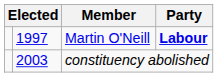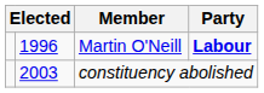 <table class="wikitable">
 <tr>
 <th colspan="2">Elected</th>
 <th>Member</th>
 <th>Party</th>
 </tr>
 <tr>
 <td style="color:inherit;background-color: "></td>
-<td><a href='#'>1997</a></td>
+<td><a href='#'>1996</a></td>
 <td><a href='#'>Martin O'Neill</a></td>
 <td><strong><a href='#'>Labour</a></strong></td>
 </tr>
 <tr>
 <td></td>
 <td><a href='#'>2003</a></td>
 <td colspan="2"><em>constituency abolished</em></td>
 </tr>
 </table>
